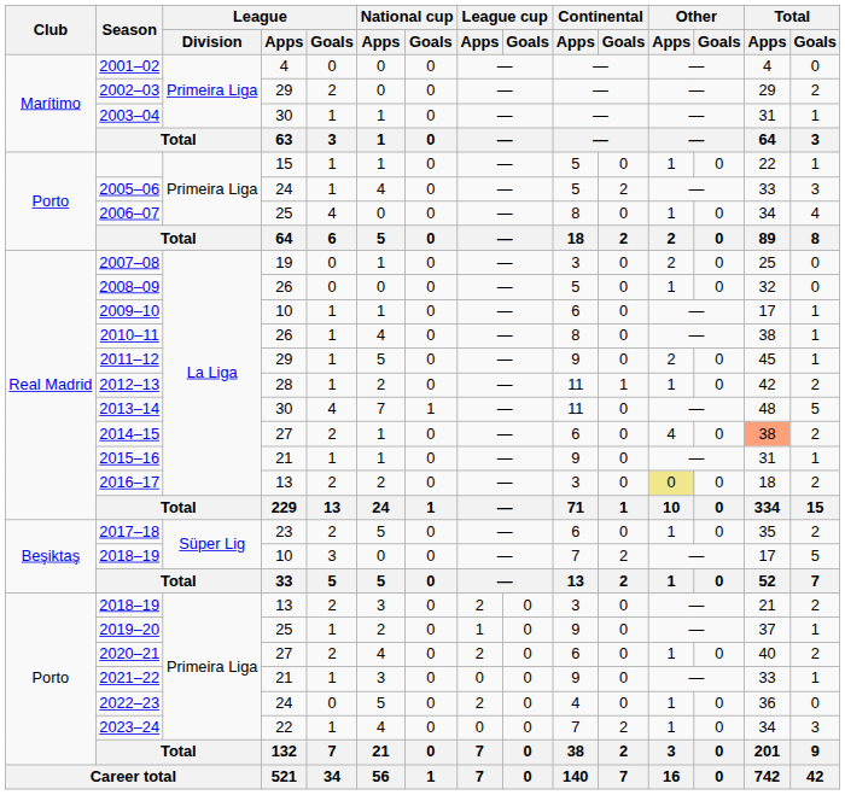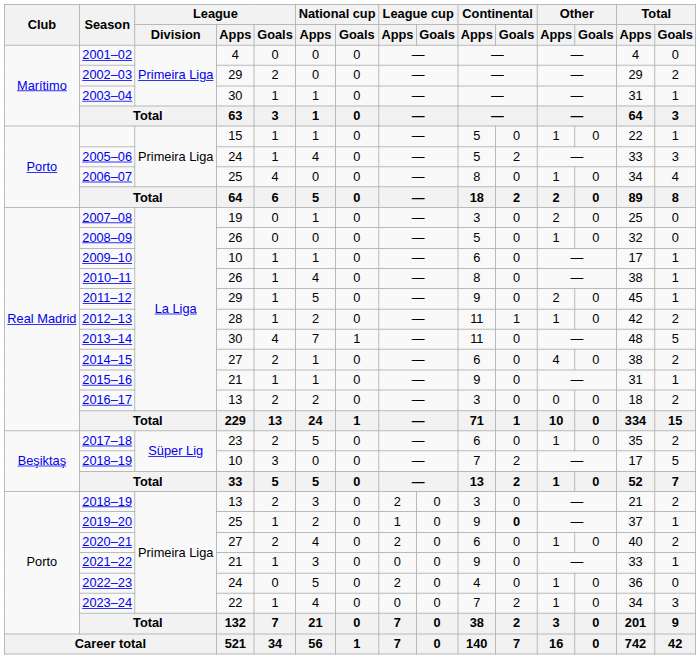 <table class="wikitable" style="text-align: center">
 <tr>
 <th rowspan="2">Club</th>
 <th rowspan="2">Season</th>
 <th colspan="3">League</th>
 <th colspan="2">National cup</th>
 <th colspan="2">League cup</th>
 <th colspan="2">Continental</th>
 <th colspan="2">Other</th>
 <th colspan="2">Total</th>
 </tr>
 <tr>
 <th>Division</th>
 <th>Apps</th>
 <th>Goals</th>
 <th>Apps</th>
 <th>Goals</th>
 <th>Apps</th>
 <th>Goals</th>
 <th>Apps</th>
 <th>Goals</th>
 <th>Apps</th>
 <th>Goals</th>
 <th>Apps</th>
 <th>Goals</th>
 </tr>
 <tr>
 <td rowspan="4"><a href='#'>Marítimo</a></td>
 <td><a href='#'>2001–02</a></td>
 <td rowspan="3"><a href='#'>Primeira Liga</a></td>
 <td>4</td>
 <td>0</td>
 <td>0</td>
 <td>0</td>
 <td colspan="2">—</td>
 <td colspan="2">—</td>
 <td colspan="2">—</td>
 <td>4</td>
 <td>0</td>
 </tr>
 <tr>
 <td><a href='#'>2002–03</a></td>
 <td>29</td>
 <td>2</td>
 <td>0</td>
 <td>0</td>
 <td colspan="2">—</td>
 <td colspan="2">—</td>
 <td colspan="2">—</td>
 <td>29</td>
 <td>2</td>
 </tr>
 <tr>
 <td><a href='#'>2003–04</a></td>
 <td>30</td>
 <td>1</td>
 <td>1</td>
 <td>0</td>
 <td colspan="2">—</td>
 <td colspan="2">—</td>
 <td colspan="2">—</td>
 <td>31</td>
 <td>1</td>
 </tr>
 <tr>
 <th colspan="2">Total</th>
 <th>63</th>
 <th>3</th>
 <th>1</th>
 <th>0</th>
 <th colspan="2">—</th>
 <th colspan="2">—</th>
 <th colspan="2">—</th>
 <th>64</th>
 <th>3</th>
 </tr>
 <tr>
 <td rowspan="4"><a href='#'>Porto</a></td>
 <td></td>
 <td rowspan="3">Primeira Liga</td>
 <td>15</td>
 <td>1</td>
 <td>1</td>
 <td>0</td>
 <td colspan="2">—</td>
 <td>5</td>
 <td>0</td>
 <td>1</td>
 <td>0</td>
 <td>22</td>
 <td>1</td>
 </tr>
 <tr>
 <td><a href='#'>2005–06</a></td>
 <td>24</td>
 <td>1</td>
 <td>4</td>
 <td>0</td>
 <td colspan="2">—</td>
 <td>5</td>
 <td>2</td>
 <td colspan="2">—</td>
 <td>33</td>
 <td>3</td>
 </tr>
 <tr>
 <td><a href='#'>2006–07</a></td>
 <td>25</td>
 <td>4</td>
 <td>0</td>
 <td>0</td>
 <td colspan="2">—</td>
 <td>8</td>
 <td>0</td>
 <td>1</td>
 <td>0</td>
 <td>34</td>
 <td>4</td>
 </tr>
 <tr>
 <th colspan="2">Total</th>
 <th>64</th>
 <th>6</th>
 <th>5</th>
 <th>0</th>
 <th colspan="2">—</th>
 <th>18</th>
 <th>2</th>
 <th>2</th>
 <th>0</th>
 <th>89</th>
 <th>8</th>
 </tr>
 <tr>
 <td rowspan="11"><a href='#'>Real Madrid</a></td>
 <td><a href='#'>2007–08</a></td>
 <td rowspan="10"><a href='#'>La Liga</a></td>
 <td>19</td>
 <td>0</td>
 <td>1</td>
 <td>0</td>
 <td colspan="2">—</td>
 <td>3</td>
 <td>0</td>
 <td>2</td>
 <td>0</td>
 <td>25</td>
 <td>0</td>
 </tr>
 <tr>
 <td><a href='#'>2008–09</a></td>
 <td>26</td>
 <td>0</td>
 <td>0</td>
 <td>0</td>
 <td colspan="2">—</td>
 <td>5</td>
 <td>0</td>
 <td>1</td>
 <td>0</td>
 <td>32</td>
 <td>0</td>
 </tr>
 <tr>
 <td><a href='#'>2009–10</a></td>
 <td>10</td>
 <td>1</td>
 <td>1</td>
 <td>0</td>
 <td colspan="2">—</td>
 <td>6</td>
 <td>0</td>
 <td colspan="2">—</td>
 <td>17</td>
 <td>1</td>
 </tr>
 <tr>
 <td><a href='#'>2010–11</a></td>
 <td>26</td>
 <td>1</td>
 <td>4</td>
 <td>0</td>
 <td colspan="2">—</td>
 <td>8</td>
 <td>0</td>
 <td colspan="2">—</td>
 <td>38</td>
 <td>1</td>
 </tr>
 <tr>
 <td><a href='#'>2011–12</a></td>
 <td>29</td>
 <td>1</td>
 <td>5</td>
 <td>0</td>
 <td colspan="2">—</td>
 <td>9</td>
 <td>0</td>
 <td>2</td>
 <td>0</td>
 <td>45</td>
 <td>1</td>
 </tr>
 <tr>
 <td><a href='#'>2012–13</a></td>
 <td>28</td>
 <td>1</td>
 <td>2</td>
 <td>0</td>
 <td colspan="2">—</td>
 <td>11</td>
 <td>1</td>
 <td>1</td>
 <td>0</td>
 <td>42</td>
 <td>2</td>
 </tr>
 <tr>
 <td><a href='#'>2013–14</a></td>
 <td>30</td>
 <td>4</td>
 <td>7</td>
 <td>1</td>
 <td colspan="2">—</td>
 <td>11</td>
 <td>0</td>
 <td colspan="2">—</td>
 <td>48</td>
 <td>5</td>
 </tr>
 <tr>
 <td><a href='#'>2014–15</a></td>
 <td>27</td>
 <td>2</td>
 <td>1</td>
 <td>0</td>
 <td colspan="2">—</td>
 <td>6</td>
 <td>0</td>
 <td>4</td>
 <td>0</td>
-<td style="background: lightsalmon;">38</td>
+<td>38</td>
 <td>2</td>
 </tr>
 <tr>
 <td><a href='#'>2015–16</a></td>
 <td>21</td>
 <td>1</td>
 <td>1</td>
 <td>0</td>
 <td colspan="2">—</td>
 <td>9</td>
 <td>0</td>
 <td colspan="2">—</td>
 <td>31</td>
 <td>1</td>
 </tr>
 <tr>
 <td><a href='#'>2016–17</a></td>
 <td>13</td>
 <td>2</td>
 <td>2</td>
 <td>0</td>
 <td colspan="2">—</td>
 <td>3</td>
 <td>0</td>
-<td style="background: khaki;">0</td>
+<td>0</td>
 <td>0</td>
 <td>18</td>
 <td>2</td>
 </tr>
 <tr>
 <th colspan="2">Total</th>
 <th>229</th>
 <th>13</th>
 <th>24</th>
 <th>1</th>
 <th colspan="2">—</th>
 <th>71</th>
 <th>1</th>
 <th>10</th>
 <th>0</th>
 <th>334</th>
 <th>15</th>
 </tr>
 <tr>
 <td rowspan="3"><a href='#'>Beşiktaş</a></td>
 <td><a href='#'>2017–18</a></td>
 <td rowspan="2"><a href='#'>Süper Lig</a></td>
 <td>23</td>
 <td>2</td>
 <td>5</td>
 <td>0</td>
 <td colspan="2">—</td>
 <td>6</td>
 <td>0</td>
 <td>1</td>
 <td>0</td>
 <td>35</td>
 <td>2</td>
 </tr>
 <tr>
 <td><a href='#'>2018–19</a></td>
 <td>10</td>
 <td>3</td>
 <td>0</td>
 <td>0</td>
 <td colspan="2">—</td>
 <td>7</td>
 <td>2</td>
 <td colspan="2">—</td>
 <td>17</td>
 <td>5</td>
 </tr>
 <tr>
 <th colspan="2">Total</th>
 <th>33</th>
 <th>5</th>
 <th>5</th>
 <th>0</th>
 <th colspan="2">—</th>
 <th>13</th>
 <th>2</th>
 <th>1</th>
 <th>0</th>
 <th>52</th>
 <th>7</th>
 </tr>
 <tr>
 <td rowspan="7">Porto</td>
 <td><a href='#'>2018–19</a></td>
 <td rowspan="6">Primeira Liga</td>
 <td>13</td>
 <td>2</td>
 <td>3</td>
 <td>0</td>
 <td>2</td>
 <td>0</td>
 <td>3</td>
 <td>0</td>
 <td colspan="2">—</td>
 <td>21</td>
 <td>2</td>
 </tr>
 <tr>
 <td><a href='#'>2019–20</a></td>
 <td>25</td>
 <td>1</td>
 <td>2</td>
 <td>0</td>
 <td>1</td>
 <td>0</td>
 <td>9</td>
-<td>0</td>
+<td><strong>0</strong></td>
 <td colspan="2">—</td>
 <td>37</td>
 <td>1</td>
 </tr>
 <tr>
 <td><a href='#'>2020–21</a></td>
 <td>27</td>
 <td>2</td>
 <td>4</td>
 <td>0</td>
 <td>2</td>
 <td>0</td>
 <td>6</td>
 <td>0</td>
 <td>1</td>
 <td>0</td>
 <td>40</td>
 <td>2</td>
 </tr>
 <tr>
 <td><a href='#'>2021–22</a></td>
 <td>21</td>
 <td>1</td>
 <td>3</td>
 <td>0</td>
 <td>0</td>
 <td>0</td>
 <td>9</td>
 <td>0</td>
 <td colspan="2">—</td>
 <td>33</td>
 <td>1</td>
 </tr>
 <tr>
 <td><a href='#'>2022–23</a></td>
 <td>24</td>
 <td>0</td>
 <td>5</td>
 <td>0</td>
 <td>2</td>
 <td>0</td>
 <td>4</td>
 <td>0</td>
 <td>1</td>
 <td>0</td>
 <td>36</td>
 <td>0</td>
 </tr>
 <tr>
 <td><a href='#'>2023–24</a></td>
 <td>22</td>
 <td>1</td>
 <td>4</td>
 <td>0</td>
 <td>0</td>
 <td>0</td>
 <td>7</td>
 <td>2</td>
 <td>1</td>
 <td>0</td>
 <td>34</td>
 <td>3</td>
 </tr>
 <tr>
 <th colspan="2">Total</th>
 <th>132</th>
 <th>7</th>
 <th>21</th>
 <th>0</th>
 <th>7</th>
 <th>0</th>
 <th>38</th>
 <th>2</th>
 <th>3</th>
 <th>0</th>
 <th>201</th>
 <th>9</th>
 </tr>
 <tr>
 <th colspan="3">Career total</th>
 <th>521</th>
 <th>34</th>
 <th>56</th>
 <th>1</th>
 <th>7</th>
 <th>0</th>
 <th>140</th>
 <th>7</th>
 <th>16</th>
 <th>0</th>
 <th>742</th>
 <th>42</th>
 </tr>
 </table>
